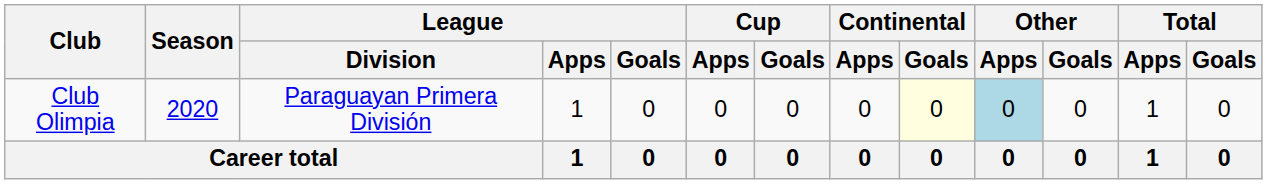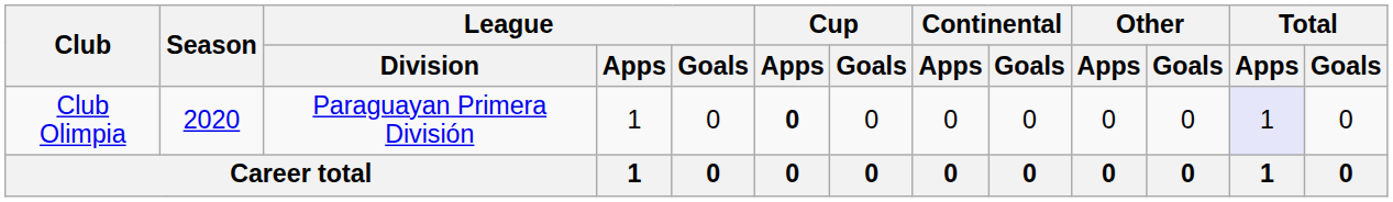 <table class="wikitable" style="text-align: center">
 <tr>
 <th rowspan="2">Club</th>
 <th rowspan="2">Season</th>
 <th colspan="3">League</th>
 <th colspan="2">Cup</th>
 <th colspan="2">Continental</th>
 <th colspan="2">Other</th>
 <th colspan="2">Total</th>
 </tr>
 <tr>
 <th>Division</th>
 <th>Apps</th>
 <th>Goals</th>
 <th>Apps</th>
 <th>Goals</th>
 <th>Apps</th>
 <th>Goals</th>
 <th>Apps</th>
 <th>Goals</th>
 <th>Apps</th>
 <th>Goals</th>
 </tr>
 <tr>
 <td><a href='#'>Club Olimpia</a></td>
 <td><a href='#'>2020</a></td>
 <td><a href='#'>Paraguayan Primera División</a></td>
 <td>1</td>
 <td>0</td>
+<td><strong>0</strong></td>
 <td>0</td>
 <td>0</td>
 <td>0</td>
-<td style="background: lightyellow;">0</td>
-<td style="background: lightblue;">0</td>
 <td>0</td>
-<td>1</td>
+<td>0</td>
+<td style="background: lavender;">1</td>
 <td>0</td>
 </tr>
 <tr>
 <th colspan="3"><strong>Career total</strong></th>
 <th>1</th>
 <th>0</th>
 <th>0</th>
 <th>0</th>
 <th>0</th>
 <th>0</th>
 <th>0</th>
 <th>0</th>
 <th>1</th>
 <th>0</th>
 </tr>
 </table>
